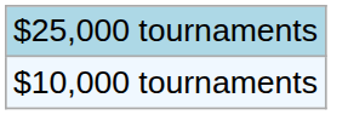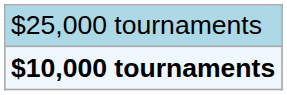 <table class=wikitable>
 <tr bgcolor=lightblue>
 <td>$25,000 tournaments</td>
 </tr>
 <tr bgcolor=f0f8ff>
-<td>$10,000 tournaments</td>
+<td><strong>$10,000 tournaments</strong></td>
 </tr>
 </table>
